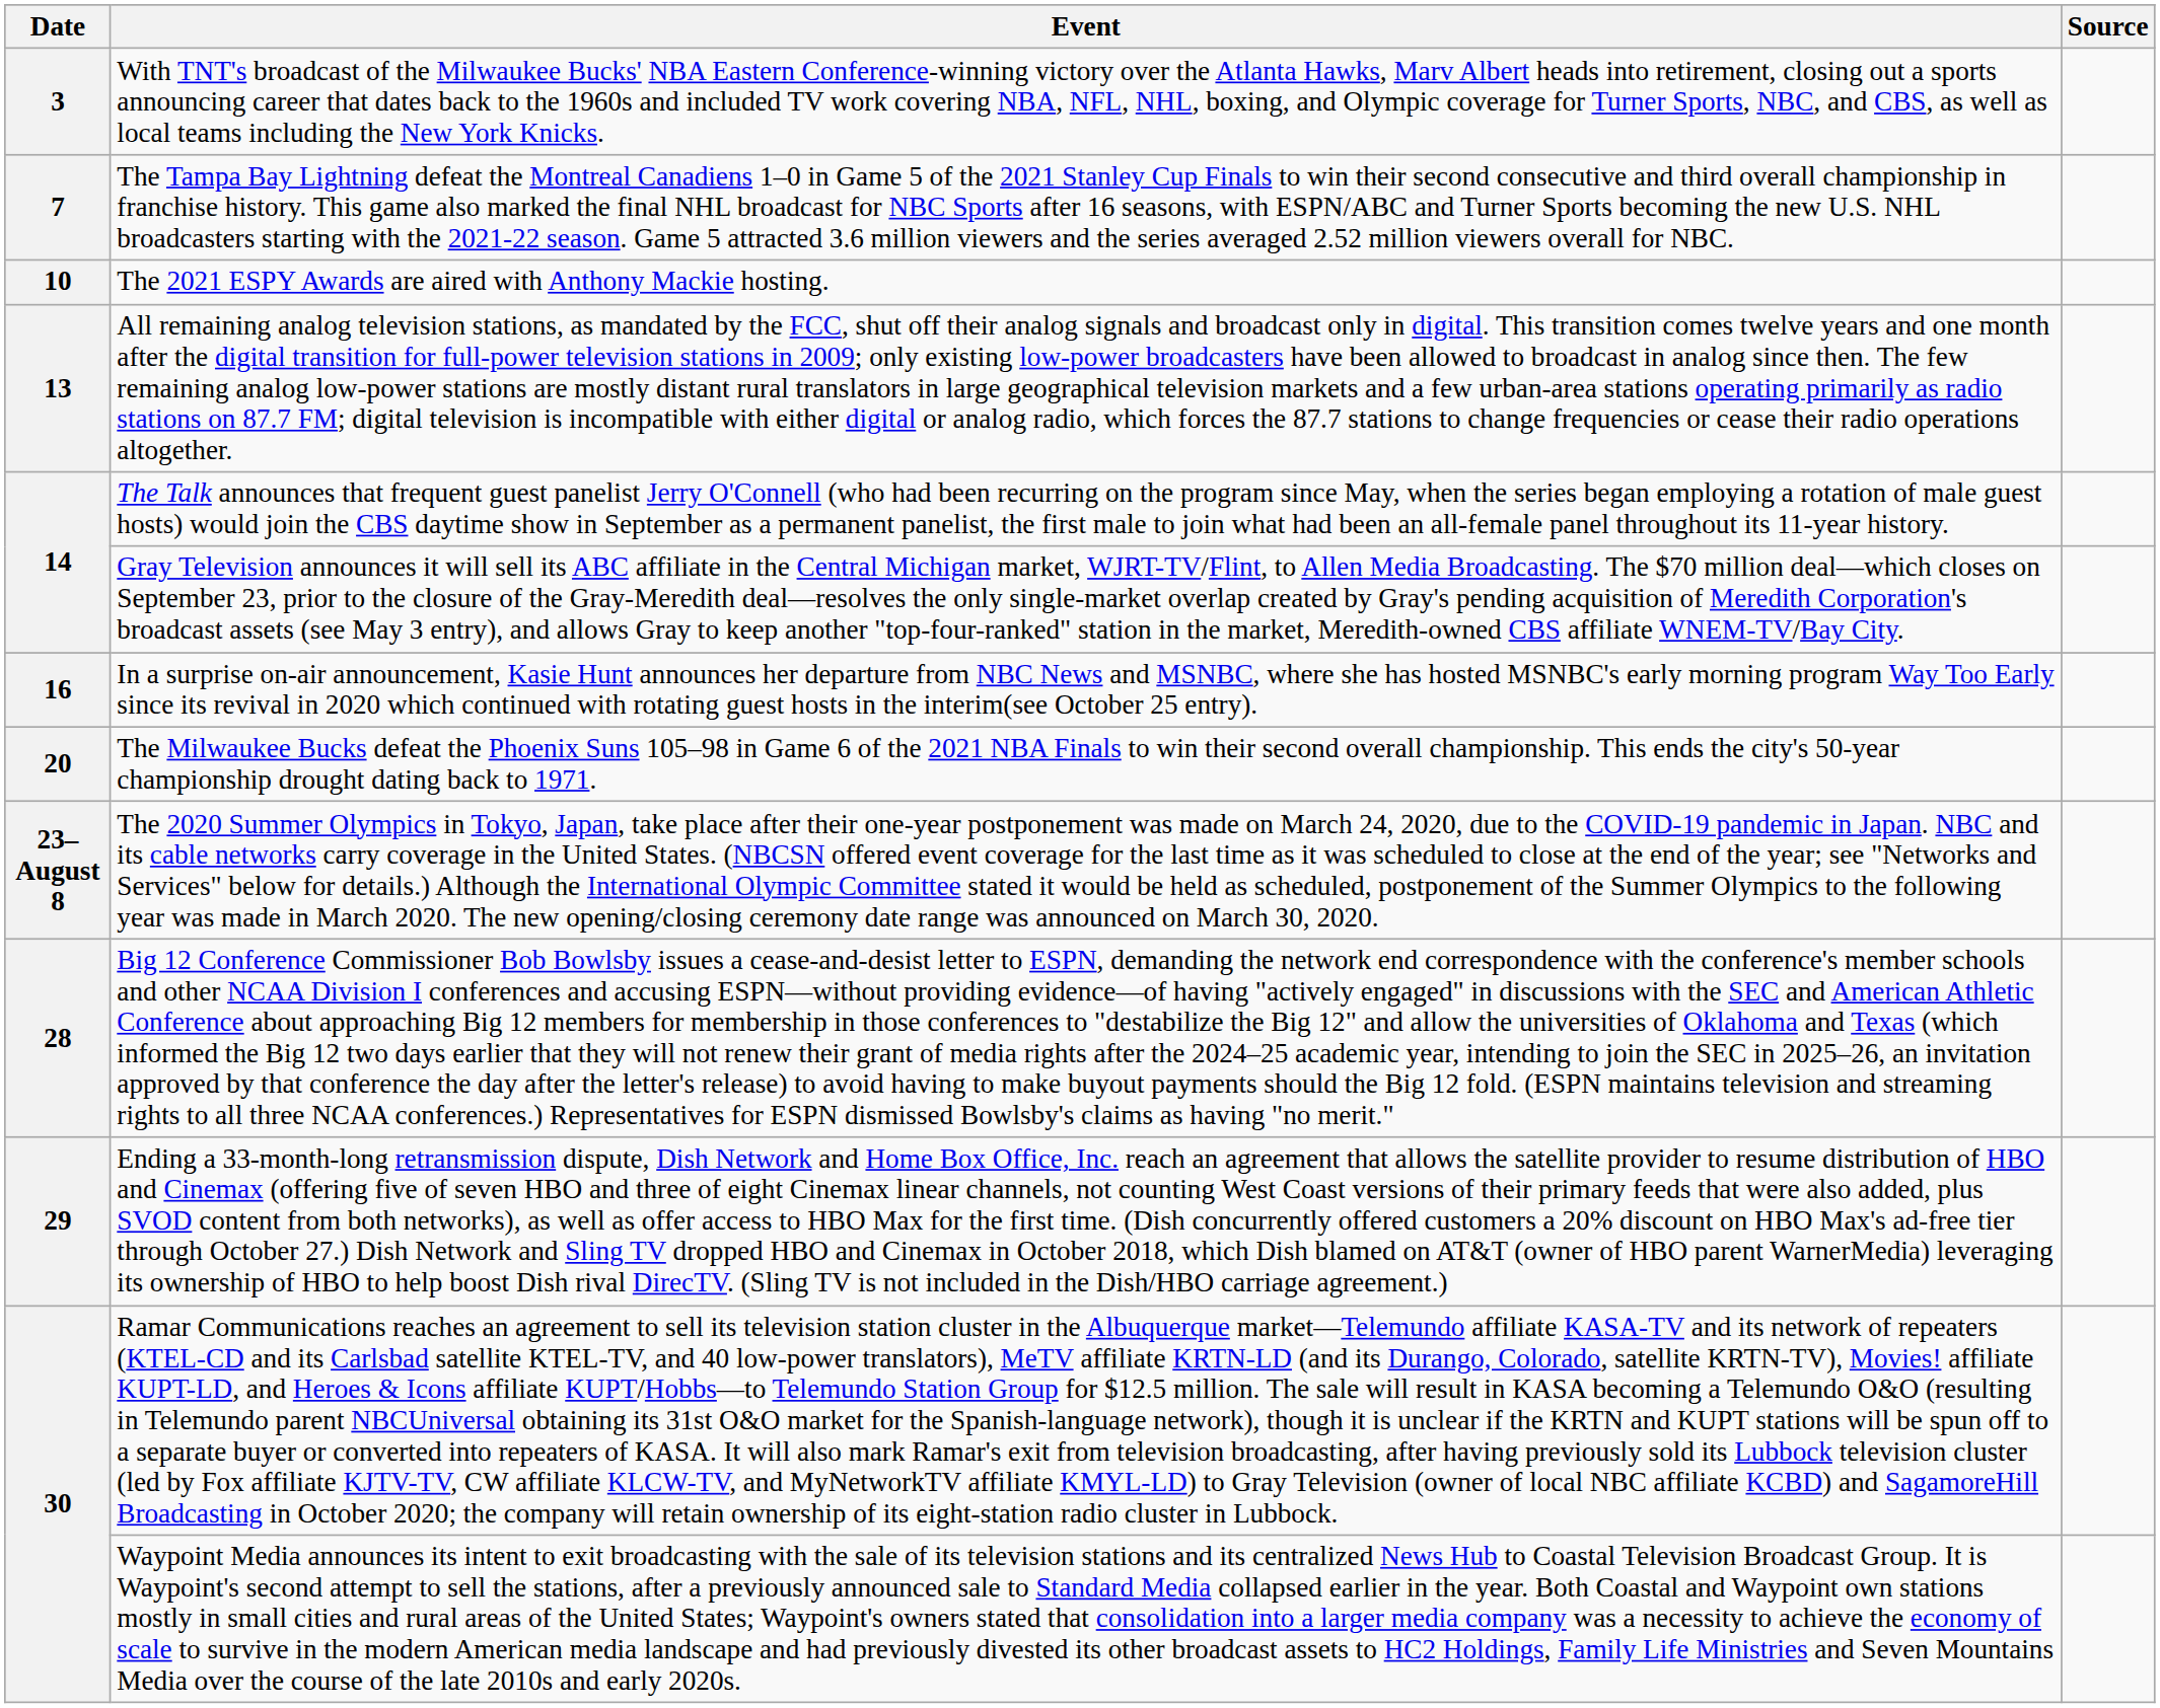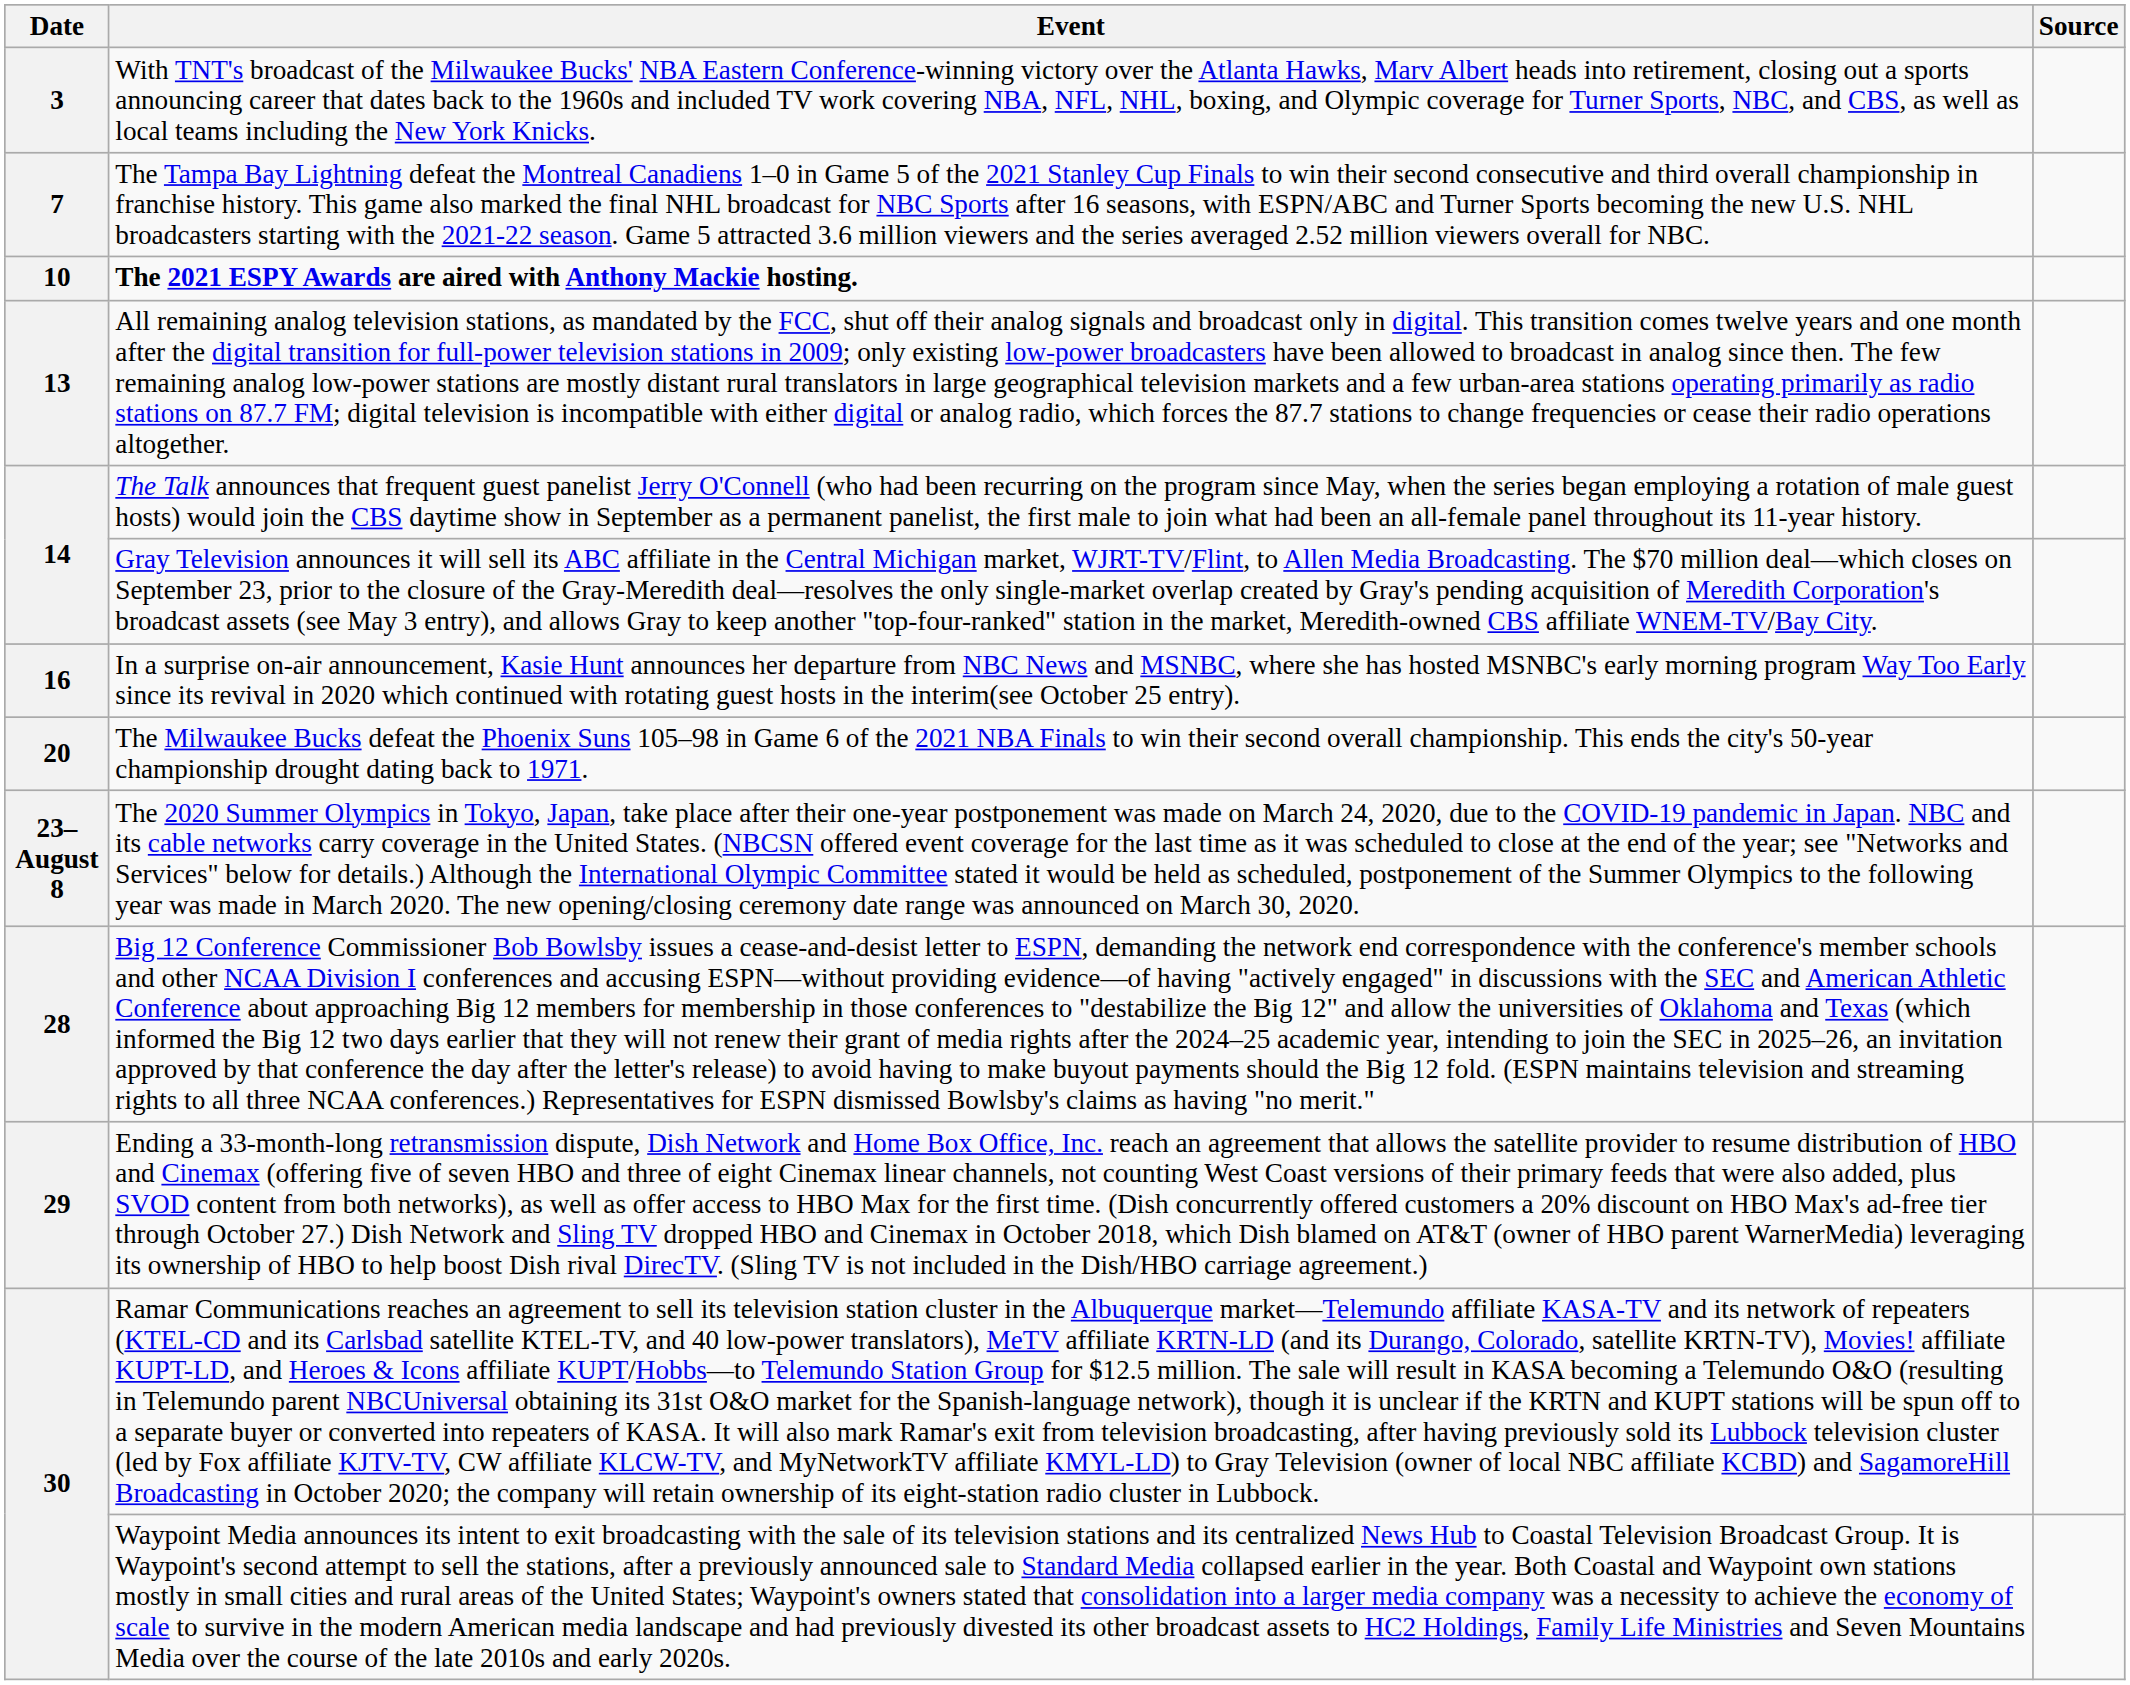 <table class="wikitable">
 <tr>
 <th>Date</th>
 <th>Event</th>
 <th>Source</th>
 </tr>
 <tr>
 <th>3</th>
 <td>With <a href='#'>TNT's</a> broadcast of the <a href='#'>Milwaukee Bucks'</a> <a href='#'>NBA Eastern Conference</a>-winning victory over the <a href='#'>Atlanta Hawks</a>, <a href='#'>Marv Albert</a> heads into retirement, closing out a sports announcing career that dates back to the 1960s and included TV work covering <a href='#'>NBA</a>, <a href='#'>NFL</a>, <a href='#'>NHL</a>, boxing, and Olympic coverage for <a href='#'>Turner Sports</a>, <a href='#'>NBC</a>, and <a href='#'>CBS</a>, as well as local teams including the <a href='#'>New York Knicks</a>.</td>
 <td></td>
 </tr>
 <tr>
 <th>7</th>
 <td>The <a href='#'>Tampa Bay Lightning</a> defeat the <a href='#'>Montreal Canadiens</a> 1–0 in Game 5 of the <a href='#'>2021 Stanley Cup Finals</a> to win their second consecutive and third overall championship in franchise history. This game also marked the final NHL broadcast for <a href='#'>NBC Sports</a> after 16 seasons, with ESPN/ABC and Turner Sports becoming the new U.S. NHL broadcasters starting with the <a href='#'>2021-22 season</a>. Game 5 attracted 3.6 million viewers and the series averaged 2.52 million viewers overall for NBC.</td>
 <td></td>
 </tr>
 <tr>
 <th>10</th>
-<td>The <a href='#'>2021 ESPY Awards</a> are aired with <a href='#'>Anthony Mackie</a> hosting.</td>
+<td><strong>The <a href='#'>2021 ESPY Awards</a> are aired with <a href='#'>Anthony Mackie</a> hosting.</strong></td>
 <td></td>
 </tr>
 <tr>
 <th>13</th>
 <td>All remaining analog television stations, as mandated by the <a href='#'>FCC</a>, shut off their analog signals and broadcast only in <a href='#'>digital</a>. This transition comes twelve years and one month after the <a href='#'>digital transition for full-power television stations in 2009</a>; only existing <a href='#'>low-power broadcasters</a> have been allowed to broadcast in analog since then. The few remaining analog low-power stations are mostly distant rural translators in large geographical television markets and a few urban-area stations <a href='#'>operating primarily as radio stations on 87.7 FM</a>; digital television is incompatible with either <a href='#'>digital</a> or analog radio, which forces the 87.7 stations to change frequencies or cease their radio operations altogether.</td>
 <td></td>
 </tr>
 <tr>
 <th rowspan=2>14</th>
 <td><em><a href='#'>The Talk</a></em> announces that frequent guest panelist <a href='#'>Jerry O'Connell</a> (who had been recurring on the program since May, when the series began employing a rotation of male guest hosts) would join the <a href='#'>CBS</a> daytime show in September as a permanent panelist, the first male to join what had been an all-female panel throughout its 11-year history.</td>
 <td></td>
 </tr>
 <tr>
 <td><a href='#'>Gray Television</a> announces it will sell its <a href='#'>ABC</a> affiliate in the <a href='#'>Central Michigan</a> market, <a href='#'>WJRT-TV</a>/<a href='#'>Flint</a>, to <a href='#'>Allen Media Broadcasting</a>. The $70 million deal—which closes on September 23, prior to the closure of the Gray-Meredith deal—resolves the only single-market overlap created by Gray's pending acquisition of <a href='#'>Meredith Corporation</a>'s broadcast assets (see May 3 entry), and allows Gray to keep another "top-four-ranked" station in the market, Meredith-owned <a href='#'>CBS</a> affiliate <a href='#'>WNEM-TV</a>/<a href='#'>Bay City</a>.</td>
 <td></td>
 </tr>
 <tr>
 <th>16</th>
 <td>In a surprise on-air announcement, <a href='#'>Kasie Hunt</a> announces her departure from <a href='#'>NBC News</a> and <a href='#'>MSNBC</a>, where she has hosted MSNBC's early morning program <a href='#'>Way Too Early</a> since its revival in 2020 which continued with rotating guest hosts in the interim(see October 25 entry).</td>
 <td></td>
 </tr>
 <tr>
 <th>20</th>
 <td>The <a href='#'>Milwaukee Bucks</a> defeat the <a href='#'>Phoenix Suns</a> 105–98 in Game 6 of the <a href='#'>2021 NBA Finals</a> to win their second overall championship. This ends the city's 50-year championship drought dating back to <a href='#'>1971</a>.</td>
 <td></td>
 </tr>
 <tr>
 <th>23–August 8</th>
 <td>The <a href='#'>2020 Summer Olympics</a> in <a href='#'>Tokyo</a>, <a href='#'>Japan</a>, take place after their one-year postponement was made on March 24, 2020, due to the <a href='#'>COVID-19 pandemic in Japan</a>. <a href='#'>NBC</a> and its <a href='#'>cable networks</a> carry coverage in the United States. (<a href='#'>NBCSN</a> offered event coverage for the last time as it was scheduled to close at the end of the year; see "Networks and Services" below for details.) Although the <a href='#'>International Olympic Committee</a> stated it would be held as scheduled, postponement of the Summer Olympics to the following year was made in March 2020. The new opening/closing ceremony date range was announced on March 30, 2020.</td>
 <td><br></td>
 </tr>
 <tr>
 <th>28</th>
 <td><a href='#'>Big 12 Conference</a> Commissioner <a href='#'>Bob Bowlsby</a> issues a cease-and-desist letter to <a href='#'>ESPN</a>, demanding the network end correspondence with the conference's member schools and other <a href='#'>NCAA Division I</a> conferences and accusing ESPN—without providing evidence—of having "actively engaged" in discussions with the <a href='#'>SEC</a> and <a href='#'>American Athletic Conference</a> about approaching Big 12 members for membership in those conferences to "destabilize the Big 12" and allow the universities of <a href='#'>Oklahoma</a> and <a href='#'>Texas</a> (which informed the Big 12 two days earlier that they will not renew their grant of media rights after the 2024–25 academic year, intending to join the SEC in 2025–26, an invitation approved by that conference the day after the letter's release) to avoid having to make buyout payments should the Big 12 fold. (ESPN maintains television and streaming rights to all three NCAA conferences.) Representatives for ESPN dismissed Bowlsby's claims as having "no merit."</td>
 <td></td>
 </tr>
 <tr>
 <th>29</th>
 <td>Ending a 33-month-long <a href='#'>retransmission</a> dispute, <a href='#'>Dish Network</a> and <a href='#'>Home Box Office, Inc.</a> reach an agreement that allows the satellite provider to resume distribution of <a href='#'>HBO</a> and <a href='#'>Cinemax</a> (offering five of seven HBO and three of eight Cinemax linear channels, not counting West Coast versions of their primary feeds that were also added, plus <a href='#'>SVOD</a> content from both networks), as well as offer access to HBO Max for the first time. (Dish concurrently offered customers a 20% discount on HBO Max's ad-free tier through October 27.) Dish Network and <a href='#'>Sling TV</a> dropped HBO and Cinemax in October 2018, which Dish blamed on AT&T (owner of HBO parent WarnerMedia) leveraging its ownership of HBO to help boost Dish rival <a href='#'>DirecTV</a>. (Sling TV is not included in the Dish/HBO carriage agreement.)</td>
 <td></td>
 </tr>
 <tr>
 <th rowspan=2>30</th>
 <td>Ramar Communications reaches an agreement to sell its television station cluster in the <a href='#'>Albuquerque</a> market—<a href='#'>Telemundo</a> affiliate <a href='#'>KASA-TV</a> and its network of repeaters (<a href='#'>KTEL-CD</a> and its <a href='#'>Carlsbad</a> satellite KTEL-TV, and 40 low-power translators), <a href='#'>MeTV</a> affiliate <a href='#'>KRTN-LD</a> (and its <a href='#'>Durango, Colorado</a>, satellite KRTN-TV), <a href='#'>Movies!</a> affiliate <a href='#'>KUPT-LD</a>, and <a href='#'>Heroes & Icons</a> affiliate <a href='#'>KUPT</a>/<a href='#'>Hobbs</a>—to <a href='#'>Telemundo Station Group</a> for $12.5 million. The sale will result in KASA becoming a Telemundo O&O (resulting in Telemundo parent <a href='#'>NBCUniversal</a> obtaining its 31st O&O market for the Spanish-language network), though it is unclear if the KRTN and KUPT stations will be spun off to a separate buyer or converted into repeaters of KASA. It will also mark Ramar's exit from television broadcasting, after having previously sold its <a href='#'>Lubbock</a> television cluster (led by Fox affiliate <a href='#'>KJTV-TV</a>, CW affiliate <a href='#'>KLCW-TV</a>, and MyNetworkTV affiliate <a href='#'>KMYL-LD</a>) to Gray Television (owner of local NBC affiliate <a href='#'>KCBD</a>) and <a href='#'>SagamoreHill Broadcasting</a> in October 2020; the company will retain ownership of its eight-station radio cluster in Lubbock.</td>
 <td></td>
 </tr>
 <tr>
 <td>Waypoint Media announces its intent to exit broadcasting with the sale of its television stations and its centralized <a href='#'>News Hub</a> to Coastal Television Broadcast Group. It is Waypoint's second attempt to sell the stations, after a previously announced sale to <a href='#'>Standard Media</a> collapsed earlier in the year. Both Coastal and Waypoint own stations mostly in small cities and rural areas of the United States; Waypoint's owners stated that <a href='#'>consolidation into a larger media company</a> was a necessity to achieve the <a href='#'>economy of scale</a> to survive in the modern American media landscape and had previously divested its other broadcast assets to <a href='#'>HC2 Holdings</a>, <a href='#'>Family Life Ministries</a> and Seven Mountains Media over the course of the late 2010s and early 2020s.</td>
 <td></td>
 </tr>
 </table>
